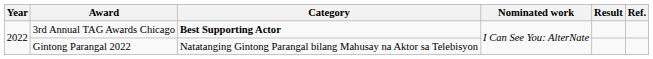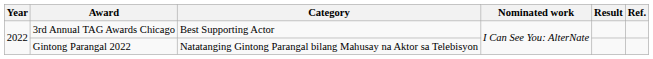 <table class="wikitable">
 <tr>
 <th>Year</th>
 <th>Award</th>
 <th>Category</th>
 <th>Nominated work</th>
 <th>Result</th>
 <th>Ref.</th>
 </tr>
 <tr>
 <td rowspan="2">2022</td>
 <td>3rd Annual TAG Awards Chicago</td>
-<td><strong>Best Supporting Actor</strong></td>
+<td>Best Supporting Actor</td>
 <td rowspan="2"><em>I Can See You: AlterNate</em></td>
 <td></td>
 <td></td>
 </tr>
 <tr>
 <td>Gintong Parangal 2022</td>
 <td>Natatanging Gintong Parangal bilang Mahusay na Aktor sa Telebisyon</td>
 <td></td>
 <td></td>
 </tr>
 </table>
